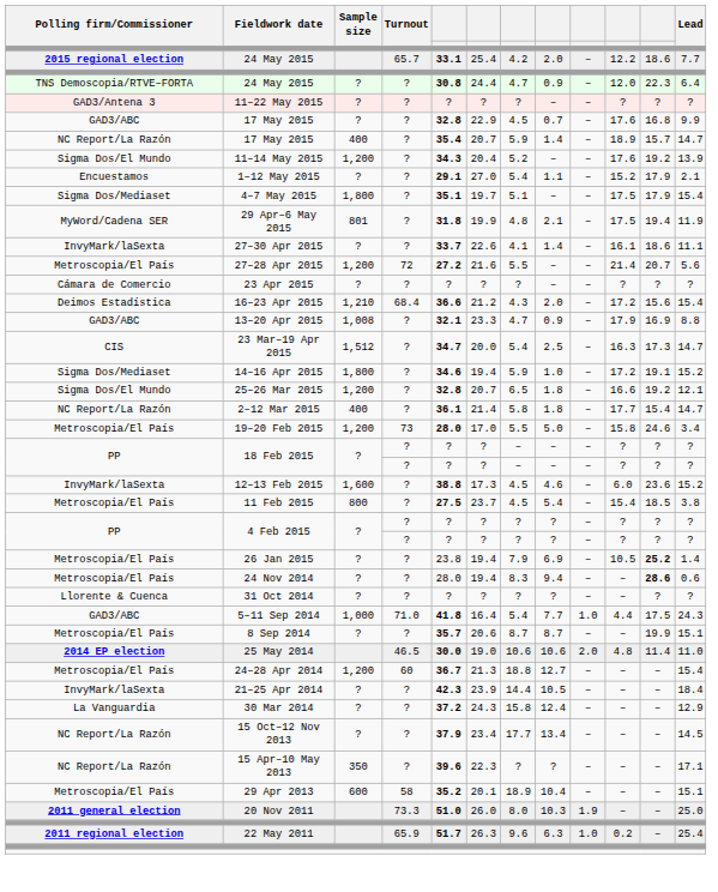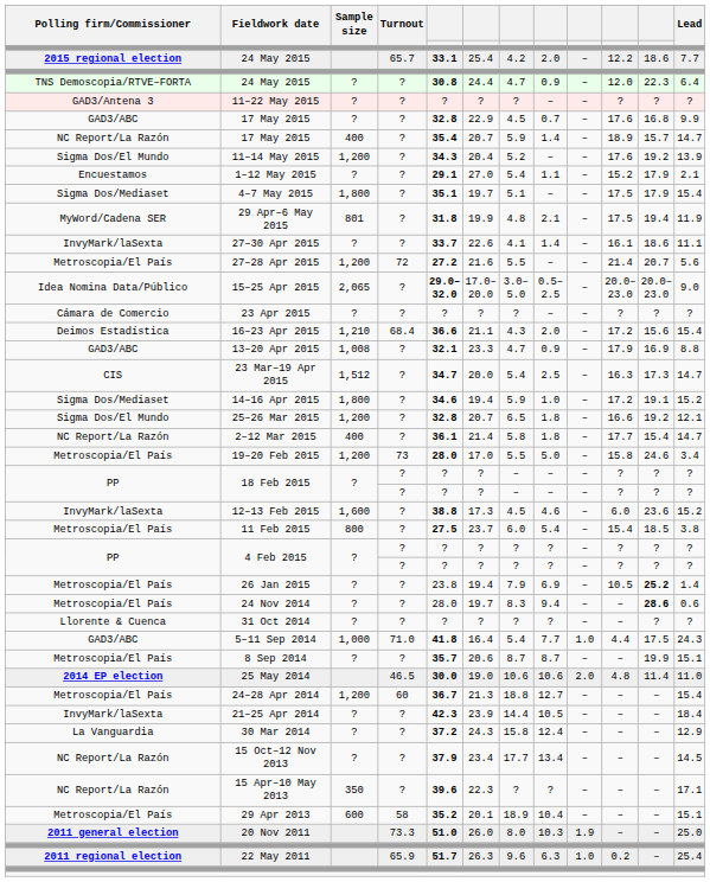 <table class="wikitable collapsible collapsed" style="text-align:center; font-size:95%; line-height:16px;">
 <tr style="height:42px;">
 <th style="width:250px;" rowspan="2">Polling firm/Commissioner</th>
 <th style="width:125px;" rowspan="2">Fieldwork date</th>
 <th style="width:50px;" rowspan="2">Sample size</th>
 <th style="width:45px;" rowspan="2">Turnout</th>
 <th style="width:35px;"></th>
 <th style="width:35px;"></th>
 <th style="width:35px;"></th>
 <th style="width:35px;"></th>
 <th style="width:35px;"></th>
 <th style="width:35px;"></th>
 <th style="width:35px;"></th>
 <th style="width:30px;" rowspan="2">Lead</th>
 </tr>
 <tr>
 <th style="color:inherit;background:"></th>
 <th style="color:inherit;background:"></th>
 <th style="color:inherit;background:"></th>
 <th style="color:inherit;background:"></th>
 <th style="color:inherit;background:"></th>
 <th style="color:inherit;background:"></th>
 <th style="color:inherit;background:"></th>
 </tr>
 <tr>
 <td colspan="12" style="background:#A0A0A0"></td>
 </tr>
 <tr style="background:#EFEFEF;">
 <td><strong><a href='#'>2015 regional election</a></strong></td>
 <td>24 May 2015</td>
 <td></td>
 <td>65.7</td>
 <td><strong>33.1</strong><br></td>
 <td>25.4<br></td>
 <td>4.2<br></td>
 <td>2.0<br></td>
 <td>–</td>
 <td>12.2<br></td>
 <td>18.6<br></td>
 <td style="background:">7.7</td>
 </tr>
 <tr>
 <td colspan="12" style="background:#A0A0A0"></td>
 </tr>
 <tr style="background:#EAFFEA;">
 <td>TNS Demoscopia/RTVE–FORTA</td>
 <td>24 May 2015</td>
 <td>?</td>
 <td>?</td>
 <td><strong>30.8</strong><br></td>
 <td>24.4<br></td>
 <td>4.7<br></td>
 <td>0.9<br></td>
 <td>–</td>
 <td>12.0<br></td>
 <td>22.3<br></td>
 <td style="background:">6.4</td>
 </tr>
 <tr style="background:#FFEAEA;">
 <td>GAD3/Antena 3</td>
 <td>11–22 May 2015</td>
 <td>?</td>
 <td>?</td>
 <td>?<br></td>
 <td>?<br></td>
 <td>?<br></td>
 <td>–</td>
 <td>–</td>
 <td>?<br></td>
 <td>?<br></td>
 <td style="background:">?</td>
 </tr>
 <tr>
 <td>GAD3/ABC</td>
 <td>17 May 2015</td>
 <td>?</td>
 <td>?</td>
 <td><strong>32.8</strong><br></td>
 <td>22.9<br></td>
 <td>4.5<br></td>
 <td>0.7<br></td>
 <td>–</td>
 <td>17.6<br></td>
 <td>16.8<br></td>
 <td style="background:">9.9</td>
 </tr>
 <tr>
 <td>NC Report/La Razón</td>
 <td>17 May 2015</td>
 <td>400</td>
 <td>?</td>
 <td><strong>35.4</strong><br></td>
 <td>20.7<br></td>
 <td>5.9<br></td>
 <td>1.4<br></td>
 <td>–</td>
 <td>18.9<br></td>
 <td>15.7<br></td>
 <td style="background:">14.7</td>
 </tr>
 <tr>
 <td>Sigma Dos/El Mundo</td>
 <td>11–14 May 2015</td>
 <td>1,200</td>
 <td>?</td>
 <td><strong>34.3</strong><br></td>
 <td>20.4<br></td>
 <td>5.2<br></td>
 <td>–</td>
 <td>–</td>
 <td>17.6<br></td>
 <td>19.2<br></td>
 <td style="background:">13.9</td>
 </tr>
 <tr>
 <td>Encuestamos</td>
 <td>1–12 May 2015</td>
 <td>?</td>
 <td>?</td>
 <td><strong>29.1</strong><br></td>
 <td>27.0<br></td>
 <td>5.4<br></td>
 <td>1.1<br></td>
 <td>–</td>
 <td>15.2<br></td>
 <td>17.9<br></td>
 <td style="background:">2.1</td>
 </tr>
 <tr>
 <td>Sigma Dos/Mediaset</td>
 <td>4–7 May 2015</td>
 <td>1,800</td>
 <td>?</td>
 <td><strong>35.1</strong><br></td>
 <td>19.7<br></td>
 <td>5.1<br></td>
 <td>–</td>
 <td>–</td>
 <td>17.5<br></td>
 <td>17.9<br></td>
 <td style="background:">15.4</td>
 </tr>
 <tr>
 <td>MyWord/Cadena SER</td>
 <td>29 Apr–6 May 2015</td>
 <td>801</td>
 <td>?</td>
 <td><strong>31.8</strong><br></td>
 <td>19.9<br></td>
 <td>4.8<br></td>
 <td>2.1<br></td>
 <td>–</td>
 <td>17.5<br></td>
 <td>19.4<br></td>
 <td style="background:">11.9</td>
 </tr>
 <tr>
 <td>InvyMark/laSexta</td>
 <td>27–30 Apr 2015</td>
 <td>?</td>
 <td>?</td>
 <td><strong>33.7</strong><br></td>
 <td>22.6<br></td>
 <td>4.1<br></td>
 <td>1.4<br></td>
 <td>–</td>
 <td>16.1<br></td>
 <td>18.6<br></td>
 <td style="background:">11.1</td>
 </tr>
 <tr>
 <td>Metroscopia/El País</td>
 <td>27–28 Apr 2015</td>
 <td>1,200</td>
 <td>72</td>
 <td><strong>27.2</strong><br></td>
 <td>21.6<br></td>
 <td>5.5<br></td>
 <td>–</td>
 <td>–</td>
 <td>21.4<br></td>
 <td>20.7<br></td>
 <td style="background:">5.6</td>
 </tr>
 <tr>
+<td>Idea Nomina Data/Público</td>
+<td>15–25 Apr 2015</td>
+<td>2,065</td>
+<td>?</td>
+<td><strong>29.0–<br>32.0</strong><br></td>
+<td>17.0–<br>20.0<br></td>
+<td>3.0–<br>5.0<br></td>
+<td>0.5–<br>2.5<br></td>
+<td>–</td>
+<td>20.0–<br>23.0<br></td>
+<td>20.0–<br>23.0<br></td>
+<td style="background:">9.0</td>
+</tr>
+<tr>
 <td>Cámara de Comercio</td>
 <td>23 Apr 2015</td>
 <td>?</td>
 <td>?</td>
 <td>?<br></td>
 <td>?<br></td>
 <td>?<br></td>
 <td>–</td>
 <td>–</td>
 <td>?<br></td>
 <td>?<br></td>
 <td style="background:">?</td>
 </tr>
 <tr>
 <td>Deimos Estadística</td>
 <td>16–23 Apr 2015</td>
 <td>1,210</td>
 <td>68.4</td>
 <td><strong>36.6</strong><br></td>
-<td>21.2<br></td>
+<td>21.1<br></td>
 <td>4.3<br></td>
 <td>2.0<br></td>
 <td>–</td>
 <td>17.2<br></td>
 <td>15.6<br></td>
 <td style="background:">15.4</td>
 </tr>
 <tr>
 <td>GAD3/ABC</td>
 <td>13–20 Apr 2015</td>
 <td>1,008</td>
 <td>?</td>
 <td><strong>32.1</strong><br></td>
 <td>23.3<br></td>
 <td>4.7<br></td>
 <td>0.9<br></td>
 <td>–</td>
 <td>17.9<br></td>
 <td>16.9<br></td>
 <td style="background:">8.8</td>
 </tr>
 <tr>
 <td>CIS</td>
 <td>23 Mar–19 Apr 2015</td>
 <td>1,512</td>
 <td>?</td>
 <td><strong>34.7</strong><br></td>
 <td>20.0<br></td>
 <td>5.4<br></td>
 <td>2.5<br></td>
 <td>–</td>
 <td>16.3<br></td>
 <td>17.3<br></td>
 <td style="background:">14.7</td>
 </tr>
 <tr>
 <td>Sigma Dos/Mediaset</td>
 <td>14–16 Apr 2015</td>
 <td>1,800</td>
 <td>?</td>
 <td><strong>34.6</strong><br></td>
 <td>19.4<br></td>
 <td>5.9<br></td>
 <td>1.0<br></td>
 <td>–</td>
 <td>17.2<br></td>
 <td>19.1<br></td>
 <td style="background:">15.2</td>
 </tr>
 <tr>
 <td>Sigma Dos/El Mundo</td>
 <td>25–26 Mar 2015</td>
 <td>1,200</td>
 <td>?</td>
 <td><strong>32.8</strong><br></td>
 <td>20.7<br></td>
 <td>6.5<br></td>
 <td>1.8<br></td>
 <td>–</td>
 <td>16.6<br></td>
 <td>19.2<br></td>
 <td style="background:">12.1</td>
 </tr>
 <tr>
 <td>NC Report/La Razón</td>
 <td>2–12 Mar 2015</td>
 <td>400</td>
 <td>?</td>
 <td><strong>36.1</strong><br></td>
 <td>21.4<br></td>
 <td>5.8<br></td>
 <td>1.8<br></td>
 <td>–</td>
 <td>17.7<br></td>
 <td>15.4<br></td>
 <td style="background:">14.7</td>
 </tr>
 <tr>
 <td>Metroscopia/El País</td>
 <td>19–20 Feb 2015</td>
 <td>1,200</td>
 <td>73</td>
 <td><strong>28.0</strong><br></td>
 <td>17.0<br></td>
 <td>5.5<br></td>
 <td>5.0<br></td>
 <td>–</td>
 <td>15.8<br></td>
 <td>24.6<br></td>
 <td style="background:">3.4</td>
 </tr>
 <tr>
 <td rowspan="2">PP</td>
 <td rowspan="2">18 Feb 2015</td>
 <td rowspan="2">?</td>
 <td>?</td>
 <td>?<br></td>
 <td>?<br></td>
 <td>–</td>
 <td>–</td>
 <td>–</td>
 <td>?<br></td>
 <td>?<br></td>
 <td style="background:">?</td>
 </tr>
 <tr>
 <td>?</td>
 <td>?<br></td>
 <td>?<br></td>
 <td>–</td>
 <td>–</td>
 <td>–</td>
 <td>?<br></td>
 <td>?<br></td>
 <td style="background:">?</td>
 </tr>
 <tr>
 <td>InvyMark/laSexta</td>
 <td>12–13 Feb 2015</td>
 <td>1,600</td>
 <td>?</td>
 <td><strong>38.8</strong><br></td>
 <td>17.3<br></td>
 <td>4.5<br></td>
 <td>4.6<br></td>
 <td>–</td>
 <td>6.0<br></td>
 <td>23.6<br></td>
 <td style="background:">15.2</td>
 </tr>
 <tr>
 <td>Metroscopia/El País</td>
 <td>11 Feb 2015</td>
 <td>800</td>
 <td>?</td>
 <td><strong>27.5</strong><br></td>
 <td>23.7<br></td>
-<td>4.5<br></td>
+<td>6.0<br></td>
 <td>5.4<br></td>
 <td>–</td>
 <td>15.4<br></td>
 <td>18.5<br></td>
 <td style="background:">3.8</td>
 </tr>
 <tr>
 <td rowspan="2">PP</td>
 <td rowspan="2">4 Feb 2015</td>
 <td rowspan="2">?</td>
 <td>?</td>
 <td>?<br></td>
 <td>?<br></td>
 <td>?<br></td>
 <td>?<br></td>
 <td>–</td>
 <td>?<br></td>
 <td>?<br></td>
 <td style="background:">?</td>
 </tr>
 <tr>
 <td>?</td>
 <td>?<br></td>
 <td>?<br></td>
 <td>?<br></td>
 <td>?<br></td>
 <td>–</td>
 <td>?<br></td>
 <td>?<br></td>
 <td style="background:">?</td>
 </tr>
 <tr>
 <td>Metroscopia/El País</td>
 <td>26 Jan 2015</td>
 <td>?</td>
 <td>?</td>
 <td>23.8<br></td>
 <td>19.4<br></td>
 <td>7.9<br></td>
 <td>6.9<br></td>
 <td>–</td>
 <td>10.5<br></td>
 <td><strong>25.2</strong><br></td>
 <td style="background:">1.4</td>
 </tr>
 <tr>
 <td>Metroscopia/El País</td>
 <td>24 Nov 2014</td>
 <td>?</td>
 <td>?</td>
 <td>28.0<br></td>
-<td>19.4<br></td>
+<td>19.7<br></td>
 <td>8.3<br></td>
 <td>9.4<br></td>
 <td>–</td>
 <td>–</td>
 <td><strong>28.6</strong><br></td>
 <td style="background:">0.6</td>
 </tr>
 <tr>
 <td>Llorente & Cuenca</td>
 <td>31 Oct 2014</td>
 <td>?</td>
 <td>?</td>
 <td>?<br></td>
 <td>?<br></td>
 <td>?<br></td>
 <td>?<br></td>
 <td>–</td>
 <td>–</td>
 <td>?<br></td>
 <td style="background:">?</td>
 </tr>
 <tr>
 <td>GAD3/ABC</td>
 <td>5–11 Sep 2014</td>
 <td>1,000</td>
 <td>71.0</td>
 <td><strong>41.8</strong><br></td>
 <td>16.4<br></td>
 <td>5.4<br></td>
 <td>7.7<br></td>
 <td>1.0<br></td>
 <td>4.4<br></td>
 <td>17.5<br></td>
 <td style="background:">24.3</td>
 </tr>
 <tr>
 <td>Metroscopia/El País</td>
 <td>8 Sep 2014</td>
 <td>?</td>
 <td>?</td>
 <td><strong>35.7</strong><br></td>
 <td>20.6<br></td>
 <td>8.7<br></td>
 <td>8.7<br></td>
 <td>–</td>
 <td>–</td>
 <td>19.9<br></td>
 <td style="background:">15.1</td>
 </tr>
 <tr style="background:#EFEFEF;">
 <td><strong><a href='#'>2014 EP election</a></strong></td>
 <td>25 May 2014</td>
 <td></td>
 <td>46.5</td>
 <td><strong>30.0</strong><br></td>
 <td>19.0<br></td>
 <td>10.6<br></td>
 <td>10.6<br></td>
 <td>2.0<br></td>
 <td>4.8<br></td>
 <td>11.4<br></td>
 <td style="background:">11.0</td>
 </tr>
 <tr>
 <td>Metroscopia/El País</td>
 <td>24–28 Apr 2014</td>
 <td>1,200</td>
 <td>60</td>
 <td><strong>36.7</strong><br></td>
 <td>21.3<br></td>
 <td>18.8<br></td>
 <td>12.7<br></td>
 <td>–</td>
 <td>–</td>
 <td>–</td>
 <td style="background:">15.4</td>
 </tr>
 <tr>
 <td>InvyMark/laSexta</td>
 <td>21–25 Apr 2014</td>
 <td>?</td>
 <td>?</td>
 <td><strong>42.3</strong><br></td>
 <td>23.9<br></td>
 <td>14.4<br></td>
 <td>10.5<br></td>
 <td>–</td>
 <td>–</td>
 <td>–</td>
 <td style="background:">18.4</td>
 </tr>
 <tr>
 <td>La Vanguardia</td>
 <td>30 Mar 2014</td>
 <td>?</td>
 <td>?</td>
 <td><strong>37.2</strong><br></td>
 <td>24.3<br></td>
 <td>15.8<br></td>
 <td>12.4<br></td>
 <td>–</td>
 <td>–</td>
 <td>–</td>
 <td style="background:">12.9</td>
 </tr>
 <tr>
 <td>NC Report/La Razón</td>
 <td>15 Oct–12 Nov 2013</td>
 <td>?</td>
 <td>?</td>
 <td><strong>37.9</strong><br></td>
 <td>23.4<br></td>
 <td>17.7<br></td>
 <td>13.4<br></td>
 <td>–</td>
 <td>–</td>
 <td>–</td>
 <td style="background:">14.5</td>
 </tr>
 <tr>
 <td>NC Report/La Razón</td>
 <td>15 Apr–10 May 2013</td>
 <td>350</td>
 <td>?</td>
 <td><strong>39.6</strong><br></td>
 <td>22.3<br></td>
 <td>?<br></td>
 <td>?<br></td>
 <td>–</td>
 <td>–</td>
 <td>–</td>
 <td style="background:">17.1</td>
 </tr>
 <tr>
 <td>Metroscopia/El País</td>
 <td>29 Apr 2013</td>
 <td>600</td>
 <td>58</td>
 <td><strong>35.2</strong><br></td>
 <td>20.1<br></td>
 <td>18.9<br></td>
 <td>10.4<br></td>
 <td>–</td>
 <td>–</td>
 <td>–</td>
 <td style="background:">15.1</td>
 </tr>
 <tr style="background:#EFEFEF;">
 <td><strong><a href='#'>2011 general election</a></strong></td>
 <td>20 Nov 2011</td>
 <td></td>
 <td>73.3</td>
 <td><strong>51.0</strong><br></td>
 <td>26.0<br></td>
 <td>8.0<br></td>
 <td>10.3<br></td>
 <td>1.9<br></td>
 <td>–</td>
 <td>–</td>
 <td style="background:">25.0</td>
 </tr>
 <tr>
 <td colspan="12" style="background:#A0A0A0"></td>
 </tr>
 <tr style="background:#EFEFEF;">
 <td><strong><a href='#'>2011 regional election</a></strong></td>
 <td>22 May 2011</td>
 <td></td>
 <td>65.9</td>
 <td><strong>51.7</strong><br></td>
 <td>26.3<br></td>
 <td>9.6<br></td>
 <td>6.3<br></td>
 <td>1.0<br></td>
 <td>0.2<br></td>
 <td>–</td>
 <td style="background:">25.4</td>
 </tr>
 <tr>
 <td colspan="12" style="background:#A0A0A0"></td>
 </tr>
 <tr>
 <td colspan="12"></td>
 </tr>
 </table>
